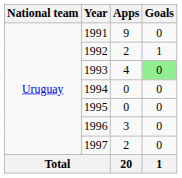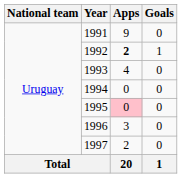 <table class="wikitable" style="text-align:center">
 <tr>
 <th>National team</th>
 <th>Year</th>
 <th>Apps</th>
 <th>Goals</th>
 </tr>
 <tr>
 <td rowspan="7"><a href='#'>Uruguay</a></td>
 <td>1991</td>
 <td>9</td>
 <td>0</td>
 </tr>
 <tr>
 <td>1992</td>
-<td>2</td>
+<td><strong>2</strong></td>
 <td>1</td>
 </tr>
 <tr>
 <td>1993</td>
 <td>4</td>
-<td style="background: lightgreen;">0</td>
+<td>0</td>
 </tr>
 <tr>
 <td>1994</td>
 <td>0</td>
 <td>0</td>
 </tr>
 <tr>
 <td>1995</td>
-<td>0</td>
+<td style="background: pink;">0</td>
 <td>0</td>
 </tr>
 <tr>
 <td>1996</td>
 <td>3</td>
 <td>0</td>
 </tr>
 <tr>
 <td>1997</td>
 <td>2</td>
 <td>0</td>
 </tr>
 <tr>
 <th colspan="2">Total</th>
 <th>20</th>
 <th>1</th>
 </tr>
 </table>
